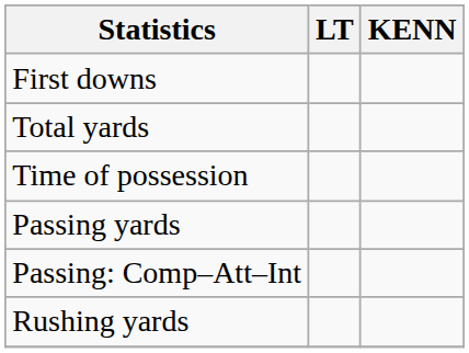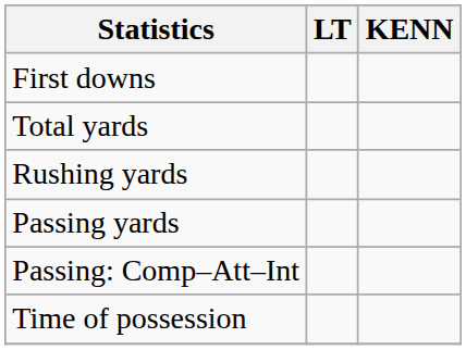 <table class="wikitable" style="float: left;">
 <tr>
 <th>Statistics</th>
 <th>LT</th>
 <th>KENN</th>
 </tr>
 <tr>
 <td>First downs</td>
 <td></td>
 <td></td>
 </tr>
 <tr>
 <td>Total yards</td>
 <td></td>
 <td></td>
 </tr>
 <tr>
-<td>Time of possession</td>
+<td>Rushing yards</td>
 <td></td>
 <td></td>
 </tr>
 <tr>
 <td>Passing yards</td>
 <td></td>
 <td></td>
 </tr>
 <tr>
 <td>Passing: Comp–Att–Int</td>
 <td></td>
 <td></td>
 </tr>
 <tr>
-<td>Rushing yards</td>
+<td>Time of possession</td>
 <td></td>
 <td></td>
 </tr>
 <tr>
 </tr>
 </table>
